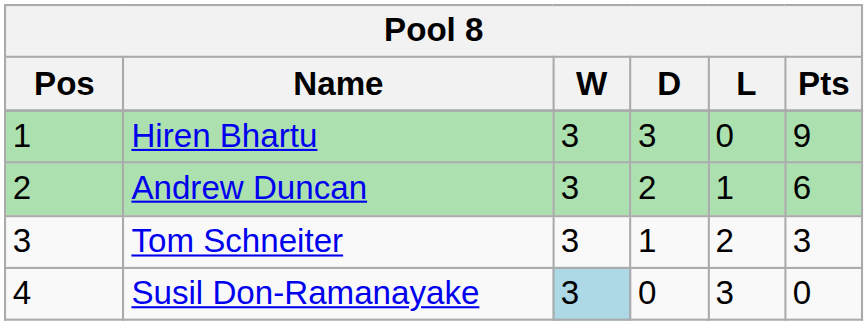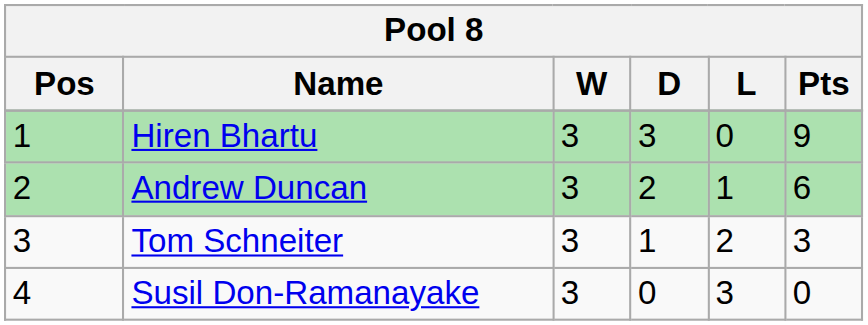 <table class="wikitable">
 <tr>
 <th colspan="6">Pool 8</th>
 </tr>
 <tr>
 <th width=50>Pos</th>
 <th width=200>Name</th>
 <th width=30>W</th>
 <th width=30>D</th>
 <th width=30>L</th>
 <th width=30>Pts</th>
 </tr>
 <tr>
 </tr>
 <tr style="background:#ACE1AF;">
 <td>1</td>
 <td> <a href='#'>Hiren Bhartu</a></td>
 <td>3</td>
 <td>3</td>
 <td>0</td>
 <td>9</td>
 </tr>
 <tr style="background:#ACE1AF;">
 <td>2</td>
 <td> <a href='#'>Andrew Duncan</a></td>
 <td>3</td>
 <td>2</td>
 <td>1</td>
 <td>6</td>
 </tr>
 <tr>
 <td>3</td>
 <td> <a href='#'>Tom Schneiter</a></td>
 <td>3</td>
 <td>1</td>
 <td>2</td>
 <td>3</td>
 </tr>
 <tr>
 <td>4</td>
 <td> <a href='#'>Susil Don-Ramanayake</a></td>
-<td style="background: lightblue;">3</td>
+<td>3</td>
 <td>0</td>
 <td>3</td>
 <td>0</td>
 </tr>
 </table>
